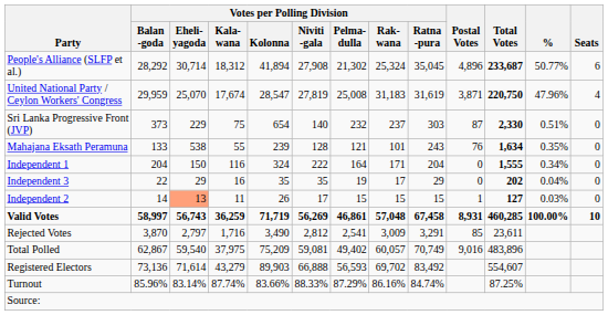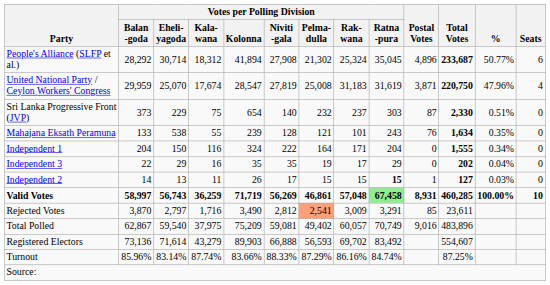 <table class="wikitable" border="1" style="text-align:right;">
 <tr>
 <th align=left valign=bottom rowspan=2 width="180">Party</th>
 <th colspan=8>Votes per Polling Division</th>
 <th align=center valign=bottom rowspan=2 width="50">Postal<br>Votes</th>
 <th align=center valign=bottom rowspan=2 width="50">Total Votes</th>
 <th align=center valign=bottom rowspan=2 width="50">%</th>
 <th align=center valign=bottom rowspan=2 width="40">Seats</th>
 </tr>
 <tr>
 <th align=center valign=bottom width="50">Balan<br>-goda</th>
 <th align=center valign=bottom width="50">Eheli-<br>yagoda</th>
 <th align=center valign=bottom width="50">Kala-<br>wana</th>
 <th align=center valign=bottom width="50">Kolonna</th>
 <th align=center valign=bottom width="50">Niviti<br>-gala</th>
 <th align=center valign=bottom width="50">Pelma-<br>dulla</th>
 <th align=center valign=bottom width="50">Rak-<br>wana</th>
 <th align=center valign=bottom width="50">Ratna<br>-pura</th>
 </tr>
 <tr>
 <td align=left><a href='#'>People's Alliance</a> (<a href='#'>SLFP</a> et al.)</td>
 <td>28,292</td>
 <td>30,714</td>
 <td>18,312</td>
 <td>41,894</td>
 <td>27,908</td>
 <td>21,302</td>
 <td>25,324</td>
 <td>35,045</td>
 <td>4,896</td>
 <td><strong>233,687</strong></td>
 <td>50.77%</td>
 <td>6</td>
 </tr>
 <tr>
 <td align=left><a href='#'>United National Party</a> /<br><a href='#'>Ceylon Workers' Congress</a></td>
 <td>29,959</td>
 <td>25,070</td>
 <td>17,674</td>
 <td>28,547</td>
 <td>27,819</td>
 <td>25,008</td>
 <td>31,183</td>
 <td>31,619</td>
 <td>3,871</td>
 <td><strong>220,750</strong></td>
 <td>47.96%</td>
 <td>4</td>
 </tr>
 <tr>
 <td align=left>Sri Lanka Progressive Front (<a href='#'>JVP</a>)</td>
 <td>373</td>
 <td>229</td>
 <td>75</td>
 <td>654</td>
 <td>140</td>
 <td>232</td>
 <td>237</td>
 <td>303</td>
 <td>87</td>
 <td><strong>2,330</strong></td>
 <td>0.51%</td>
 <td>0</td>
 </tr>
 <tr>
 <td align=left><a href='#'>Mahajana Eksath Peramuna</a></td>
 <td>133</td>
 <td>538</td>
 <td>55</td>
 <td>239</td>
 <td>128</td>
 <td>121</td>
 <td>101</td>
 <td>243</td>
 <td>76</td>
 <td><strong>1,634</strong></td>
 <td>0.35%</td>
 <td>0</td>
 </tr>
 <tr>
 <td align=left><a href='#'>Independent 1</a></td>
 <td>204</td>
 <td>150</td>
 <td>116</td>
 <td>324</td>
 <td>222</td>
 <td>164</td>
 <td>171</td>
 <td>204</td>
 <td>0</td>
 <td><strong>1,555</strong></td>
 <td>0.34%</td>
 <td>0</td>
 </tr>
 <tr>
 <td align=left><a href='#'>Independent 3</a></td>
 <td>22</td>
 <td>29</td>
 <td>16</td>
 <td>35</td>
 <td>35</td>
 <td>19</td>
 <td>17</td>
 <td>29</td>
 <td>0</td>
 <td><strong>202</strong></td>
 <td>0.04%</td>
 <td>0</td>
 </tr>
 <tr>
 <td align=left><a href='#'>Independent 2</a></td>
 <td>14</td>
-<td style="background: lightsalmon;">13</td>
+<td>13</td>
 <td>11</td>
 <td>26</td>
 <td>17</td>
 <td>15</td>
 <td>15</td>
-<td>15</td>
+<td><strong>15</strong></td>
 <td>1</td>
 <td><strong>127</strong></td>
 <td>0.03%</td>
 <td>0</td>
 </tr>
 <tr>
 <td align=left><strong>Valid Votes</strong></td>
 <td><strong>58,997</strong></td>
 <td><strong>56,743</strong></td>
 <td><strong>36,259</strong></td>
 <td><strong>71,719</strong></td>
 <td><strong>56,269</strong></td>
 <td><strong>46,861</strong></td>
 <td><strong>57,048</strong></td>
-<td><strong>67,458</strong></td>
+<td style="background: lightgreen;"><strong>67,458</strong></td>
 <td><strong>8,931</strong></td>
 <td><strong>460,285</strong></td>
 <td><strong>100.00%</strong></td>
 <td><strong>10</strong></td>
 </tr>
 <tr>
 <td align=left>Rejected Votes</td>
 <td>3,870</td>
 <td>2,797</td>
 <td>1,716</td>
 <td>3,490</td>
 <td>2,812</td>
-<td>2,541</td>
+<td style="background: lightsalmon;">2,541</td>
 <td>3,009</td>
 <td>3,291</td>
 <td>85</td>
 <td>23,611</td>
 <td></td>
 <td></td>
 </tr>
 <tr>
 <td align=left>Total Polled</td>
 <td>62,867</td>
 <td>59,540</td>
 <td>37,975</td>
 <td>75,209</td>
 <td>59,081</td>
 <td>49,402</td>
 <td>60,057</td>
 <td>70,749</td>
 <td>9,016</td>
 <td>483,896</td>
 <td></td>
 <td></td>
 </tr>
 <tr>
 <td align=left>Registered Electors</td>
 <td>73,136</td>
 <td>71,614</td>
 <td>43,279</td>
 <td>89,903</td>
 <td>66,888</td>
 <td>56,593</td>
 <td>69,702</td>
 <td>83,492</td>
 <td></td>
 <td>554,607</td>
 <td></td>
 <td></td>
 </tr>
 <tr>
 <td align=left>Turnout</td>
 <td>85.96%</td>
 <td>83.14%</td>
 <td>87.74%</td>
 <td>83.66%</td>
 <td>88.33%</td>
 <td>87.29%</td>
 <td>86.16%</td>
 <td>84.74%</td>
 <td></td>
 <td>87.25%</td>
 <td></td>
 <td></td>
 </tr>
 <tr>
 <td align=left colspan=14>Source:</td>
 </tr>
 </table>
